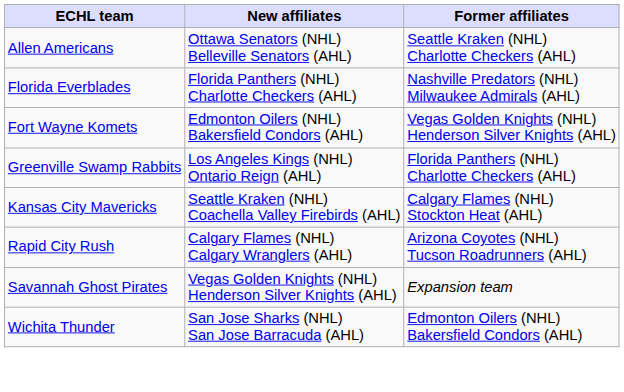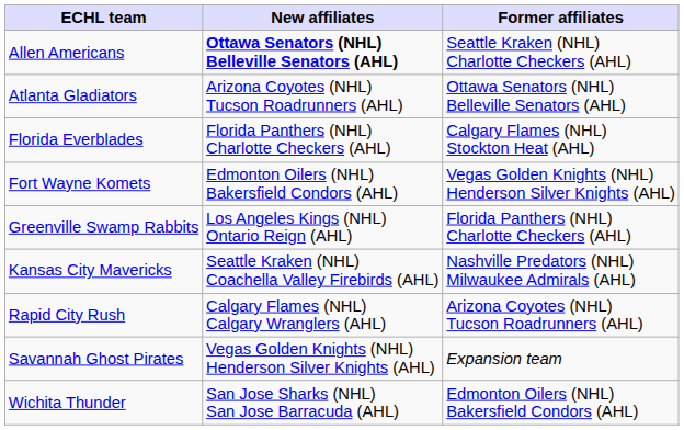 <table class="wikitable">
 <tr>
 <th style="background:#ddf">ECHL team</th>
 <th style="background:#ddf">New affiliates</th>
 <th style="background:#ddf">Former affiliates</th>
 </tr>
 <tr>
 <td><a href='#'>Allen Americans</a></td>
+<td><strong><a href='#'>Ottawa Senators</a> (NHL)<br> <a href='#'>Belleville Senators</a> (AHL)</strong></td>
+<td><a href='#'>Seattle Kraken</a> (NHL)<br> <a href='#'>Charlotte Checkers</a> (AHL)</td>
+</tr>
+<tr>
+<td><a href='#'>Atlanta Gladiators</a></td>
+<td><a href='#'>Arizona Coyotes</a> (NHL)<br> <a href='#'>Tucson Roadrunners</a> (AHL)</td>
 <td><a href='#'>Ottawa Senators</a> (NHL)<br> <a href='#'>Belleville Senators</a> (AHL)</td>
-<td><a href='#'>Seattle Kraken</a> (NHL)<br> <a href='#'>Charlotte Checkers</a> (AHL)</td>
 </tr>
 <tr>
 <td><a href='#'>Florida Everblades</a></td>
 <td><a href='#'>Florida Panthers</a> (NHL)<br> <a href='#'>Charlotte Checkers</a> (AHL)</td>
-<td><a href='#'>Nashville Predators</a> (NHL)<br> <a href='#'>Milwaukee Admirals</a> (AHL)</td>
+<td><a href='#'>Calgary Flames</a> (NHL)<br> <a href='#'>Stockton Heat</a> (AHL)</td>
 </tr>
 <tr>
 <td><a href='#'>Fort Wayne Komets</a></td>
 <td><a href='#'>Edmonton Oilers</a> (NHL)<br> <a href='#'>Bakersfield Condors</a> (AHL)</td>
 <td><a href='#'>Vegas Golden Knights</a> (NHL)<br> <a href='#'>Henderson Silver Knights</a> (AHL)</td>
 </tr>
 <tr>
 <td><a href='#'>Greenville Swamp Rabbits</a></td>
 <td><a href='#'>Los Angeles Kings</a> (NHL)<br> <a href='#'>Ontario Reign</a> (AHL)</td>
 <td><a href='#'>Florida Panthers</a> (NHL)<br> <a href='#'>Charlotte Checkers</a> (AHL)</td>
 </tr>
 <tr>
 <td><a href='#'>Kansas City Mavericks</a></td>
 <td><a href='#'>Seattle Kraken</a> (NHL)<br> <a href='#'>Coachella Valley Firebirds</a> (AHL)</td>
-<td><a href='#'>Calgary Flames</a> (NHL)<br> <a href='#'>Stockton Heat</a> (AHL)</td>
+<td><a href='#'>Nashville Predators</a> (NHL)<br> <a href='#'>Milwaukee Admirals</a> (AHL)</td>
 </tr>
 <tr>
 <td><a href='#'>Rapid City Rush</a></td>
 <td><a href='#'>Calgary Flames</a> (NHL)<br> <a href='#'>Calgary Wranglers</a> (AHL)</td>
 <td><a href='#'>Arizona Coyotes</a> (NHL)<br> <a href='#'>Tucson Roadrunners</a> (AHL)</td>
 </tr>
 <tr>
 <td><a href='#'>Savannah Ghost Pirates</a></td>
 <td><a href='#'>Vegas Golden Knights</a> (NHL)<br><a href='#'>Henderson Silver Knights</a> (AHL)</td>
 <td><em>Expansion team</em></td>
 </tr>
 <tr>
 <td><a href='#'>Wichita Thunder</a></td>
 <td><a href='#'>San Jose Sharks</a> (NHL)<br> <a href='#'>San Jose Barracuda</a> (AHL)</td>
 <td><a href='#'>Edmonton Oilers</a> (NHL)<br> <a href='#'>Bakersfield Condors</a> (AHL)</td>
 </tr>
 </table>
